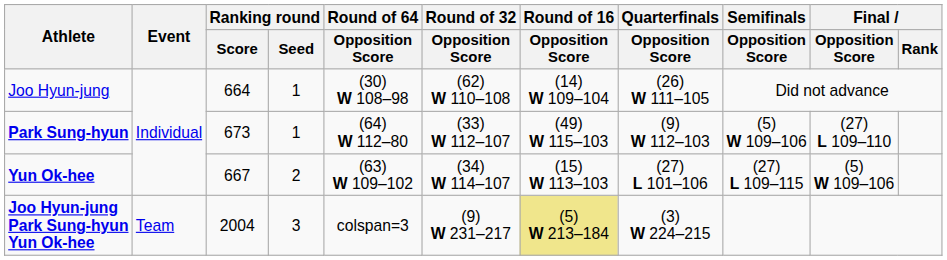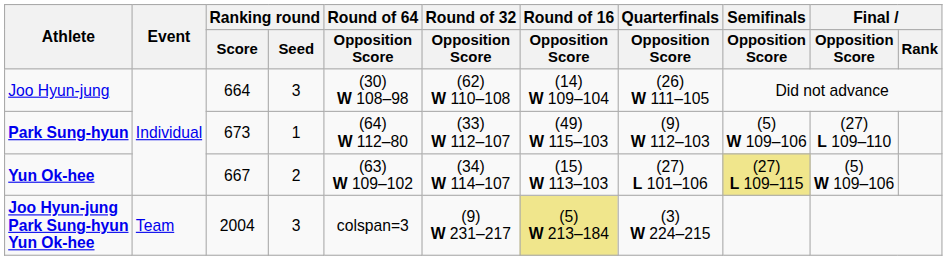 <table class="wikitable" style="font-size:90%">
 <tr>
 <th rowspan="2">Athlete</th>
 <th rowspan="2">Event</th>
 <th colspan="2">Ranking round</th>
 <th>Round of 64</th>
 <th>Round of 32</th>
 <th>Round of 16</th>
 <th>Quarterfinals</th>
 <th>Semifinals</th>
 <th colspan="2">Final / </th>
 </tr>
 <tr style="font-size:95%">
 <th>Score</th>
 <th>Seed</th>
 <th>Opposition<br>Score</th>
 <th>Opposition<br>Score</th>
 <th>Opposition<br>Score</th>
 <th>Opposition<br>Score</th>
 <th>Opposition<br>Score</th>
 <th>Opposition<br>Score</th>
 <th>Rank</th>
 </tr>
 <tr align=center>
 <td align=left><a href='#'>Joo Hyun-jung</a></td>
 <td align=left rowspan=3><a href='#'>Individual</a></td>
 <td>664</td>
-<td>1</td>
+<td>3</td>
 <td> (30)<br><strong>W</strong> 108–98</td>
 <td> (62)<br><strong>W</strong> 110–108</td>
 <td> (14)<br><strong>W</strong> 109–104</td>
 <td> (26)<br><strong>W</strong> 111–105</td>
 <td colspan=3>Did not advance</td>
 </tr>
 <tr align=center>
 <td align=left><strong><a href='#'>Park Sung-hyun</a></strong></td>
 <td>673</td>
 <td>1</td>
 <td> (64)<br><strong>W</strong> 112–80</td>
 <td> (33)<br><strong>W</strong> 112–107</td>
 <td> (49)<br><strong>W</strong> 115–103 </td>
 <td> (9)<br><strong>W</strong> 112–103</td>
 <td> (5)<br><strong>W</strong> 109–106</td>
 <td> (27)<br><strong>L</strong> 109–110</td>
 <td></td>
 </tr>
 <tr align=center>
 <td align=left><strong><a href='#'>Yun Ok-hee</a></strong></td>
 <td>667</td>
 <td>2</td>
 <td> (63)<br><strong>W</strong> 109–102</td>
 <td> (34)<br><strong>W</strong> 114–107</td>
 <td> (15)<br><strong>W</strong> 113–103</td>
 <td> (27)<br><strong>L</strong> 101–106</td>
-<td> (27)<br><strong>L</strong> 109–115</td>
+<td style="background: khaki;"> (27)<br><strong>L</strong> 109–115</td>
 <td> (5)<br><strong>W</strong> 109–106</td>
 <td></td>
 </tr>
 <tr align=center>
 <td align=left><strong><a href='#'>Joo Hyun-jung</a><br><a href='#'>Park Sung-hyun</a><br><a href='#'>Yun Ok-hee</a></strong></td>
 <td align=left><a href='#'>Team</a></td>
 <td>2004</td>
 <td>3</td>
 <td>colspan=3 </td>
 <td> (9)<br><strong>W</strong> 231–217</td>
 <td style="background: khaki;"> (5)<br><strong>W</strong> 213–184</td>
 <td> (3)<br><strong>W</strong> 224–215</td>
 <td></td>
 </tr>
 </table>
